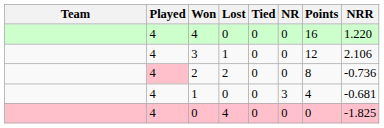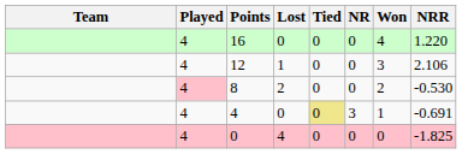 <table class="wikitable">
 <tr>
 <th width=175>Team</th>
 <th>Played</th>
-<th>Won</th>
+<th>Points</th>
 <th>Lost</th>
 <th>Tied</th>
 <th>NR</th>
-<th>Points</th>
+<th>Won</th>
 <th>NRR</th>
 </tr>
 <tr style="background:#ccffcc">
 <td></td>
 <td>4</td>
-<td>4</td>
+<td>16</td>
 <td>0</td>
 <td>0</td>
 <td>0</td>
-<td>16</td>
+<td>4</td>
 <td>1.220</td>
 </tr>
 <tr>
 <td></td>
 <td>4</td>
-<td>3</td>
+<td>12</td>
 <td>1</td>
 <td>0</td>
 <td>0</td>
-<td>12</td>
+<td>3</td>
 <td>2.106</td>
 </tr>
 <tr>
 <td></td>
 <td style="background: pink;">4</td>
-<td>2</td>
+<td>8</td>
 <td>2</td>
 <td>0</td>
 <td>0</td>
-<td>8</td>
-<td>-0.736</td>
+<td>2</td>
+<td>-0.530</td>
 </tr>
 <tr>
 <td></td>
 <td>4</td>
+<td>4</td>
+<td>0</td>
+<td style="background: khaki;">0</td>
+<td>3</td>
 <td>1</td>
-<td>0</td>
-<td>0</td>
-<td>3</td>
-<td>4</td>
-<td>-0.681</td>
+<td>-0.691</td>
 </tr>
 <tr style="background:pink">
 <td></td>
 <td>4</td>
 <td>0</td>
 <td>4</td>
 <td>0</td>
 <td>0</td>
 <td>0</td>
 <td>-1.825</td>
 </tr>
 </table>
